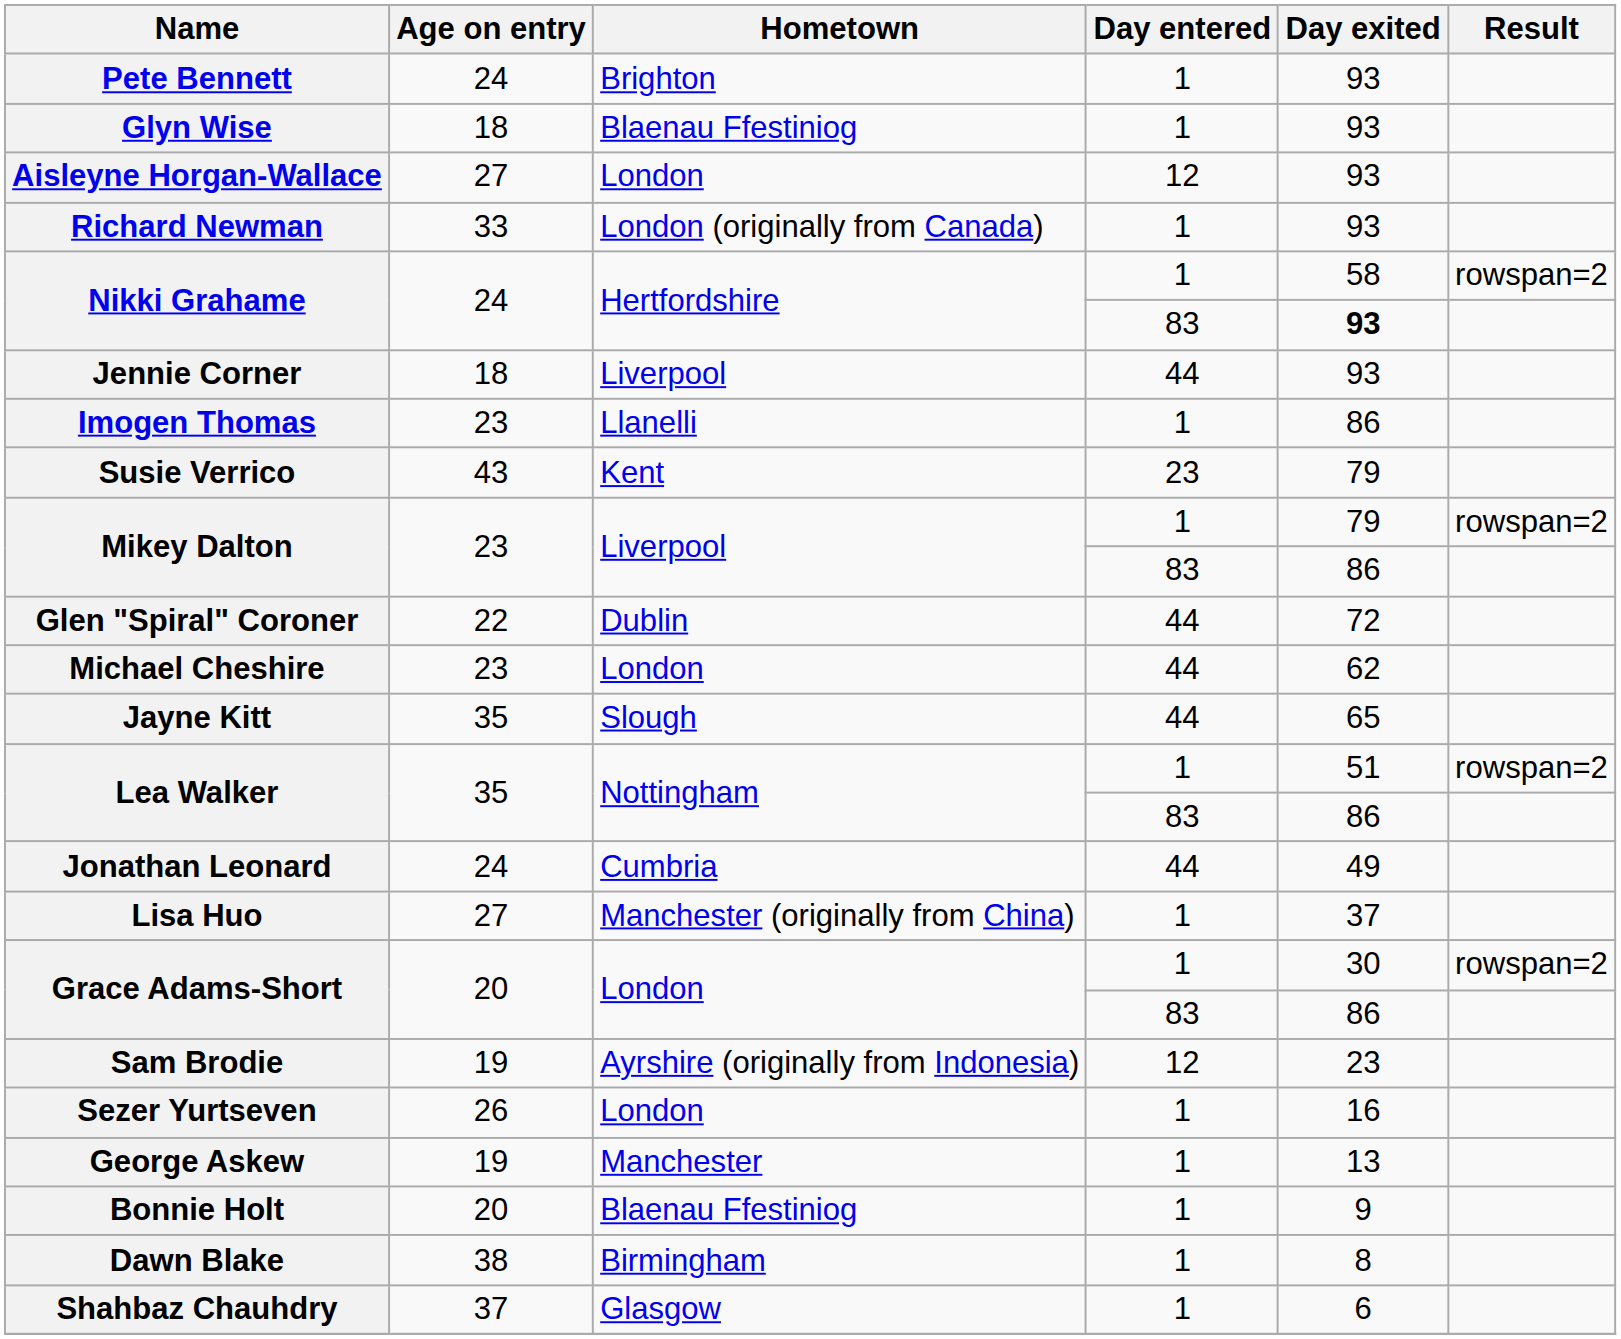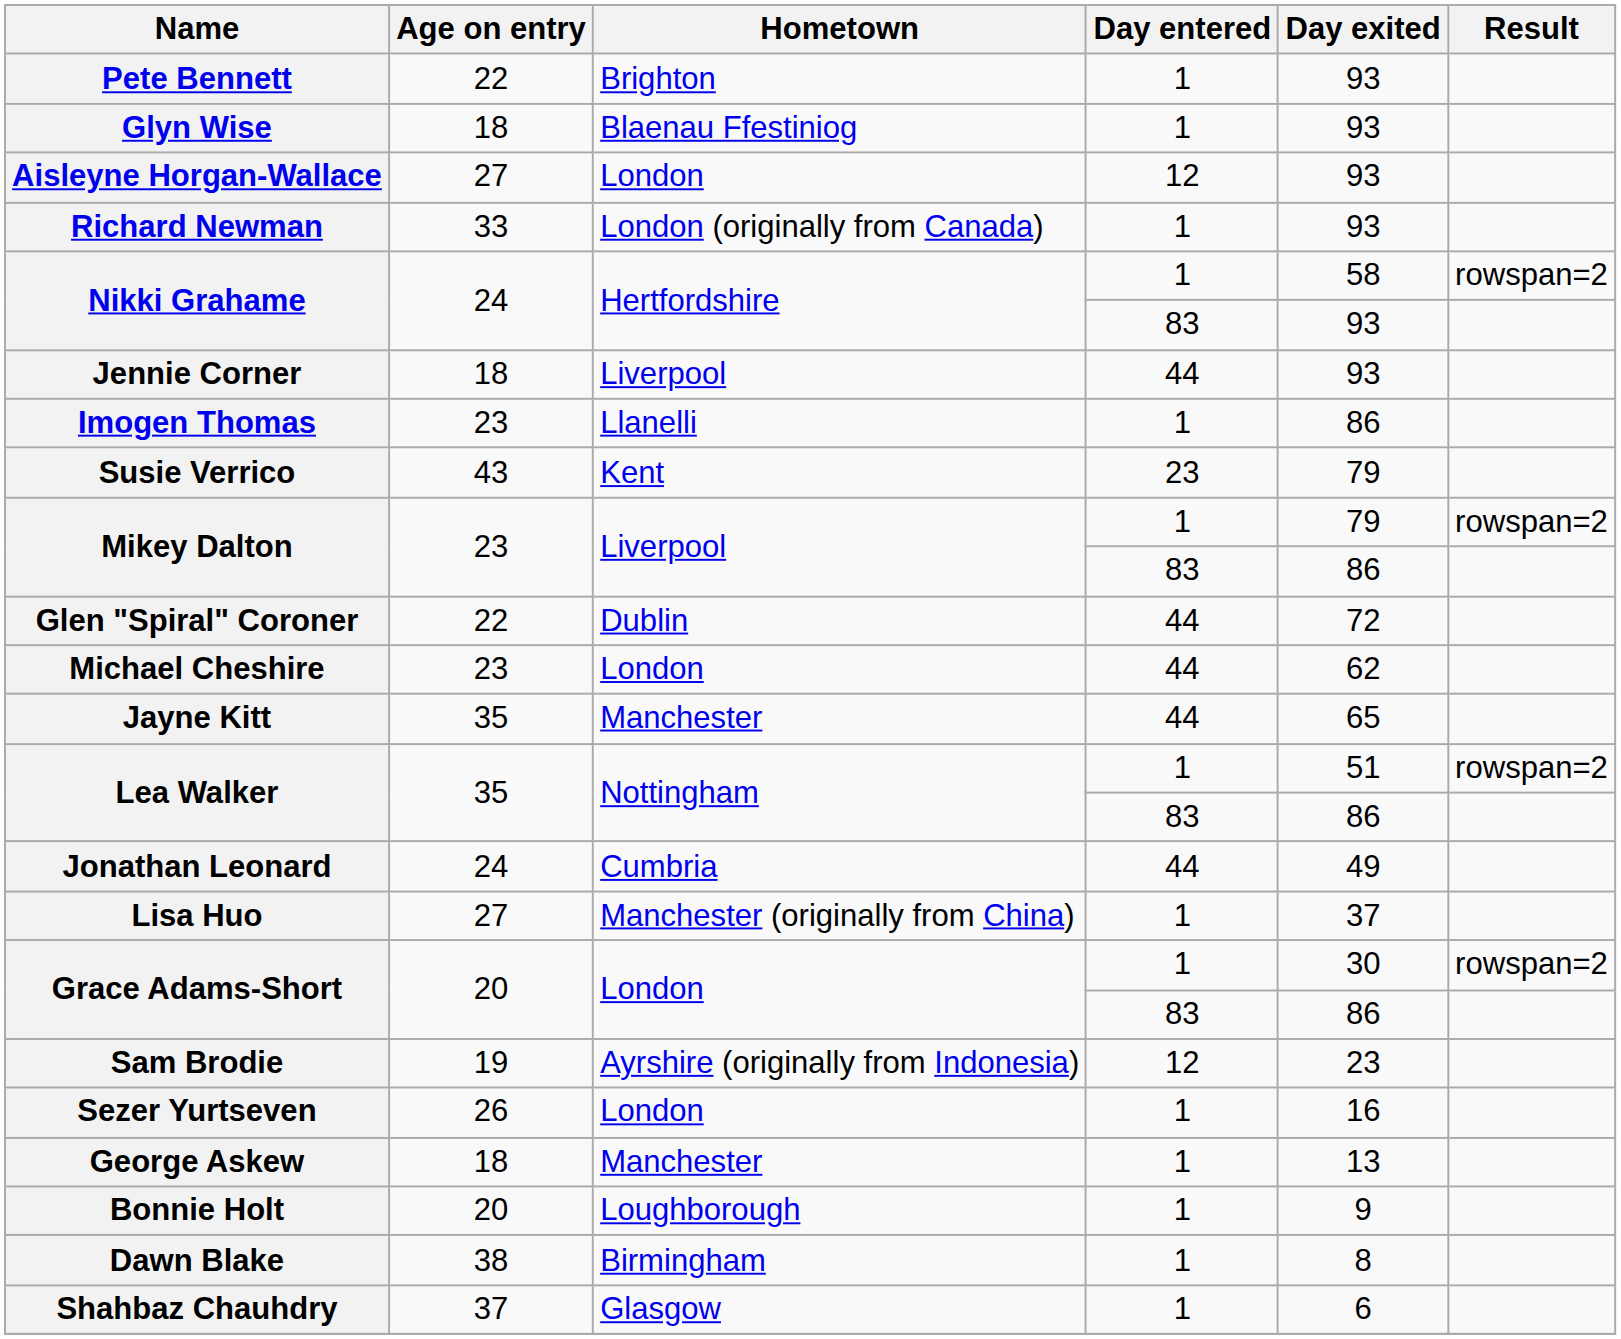 <table class="wikitable sortable" style="text-align:left; line-height:auto; width:auto;">
 <tr>
 <th scope="col">Name</th>
 <th scope="col">Age on entry</th>
 <th scope="col">Hometown</th>
 <th scope="col">Day entered</th>
 <th scope="col">Day exited</th>
 <th scope="col">Result</th>
 </tr>
 <tr>
 <th scope="row" align="left"><a href='#'>Pete Bennett</a></th>
-<td align="center">24</td>
+<td align="center">22</td>
 <td><a href='#'>Brighton</a></td>
 <td align="center">1</td>
 <td align="center">93</td>
 <td></td>
 </tr>
 <tr>
 <th scope="row" align="left"><a href='#'>Glyn Wise</a></th>
 <td align="center">18</td>
 <td><a href='#'>Blaenau Ffestiniog</a></td>
 <td align="center">1</td>
 <td align="center">93</td>
 <td></td>
 </tr>
 <tr>
 <th scope="row" align="left"><a href='#'>Aisleyne Horgan-Wallace</a></th>
 <td align="center">27</td>
 <td><a href='#'>London</a></td>
 <td align="center">12</td>
 <td align="center">93</td>
 <td></td>
 </tr>
 <tr>
 <th scope="row" align="left"><a href='#'>Richard Newman</a></th>
 <td align="center">33</td>
 <td><a href='#'>London</a> (originally from <a href='#'>Canada</a>)</td>
 <td align="center">1</td>
 <td align="center">93</td>
 <td></td>
 </tr>
 <tr>
 <th scope="rowgroup" rowspan=2 align="left"><a href='#'>Nikki Grahame</a></th>
 <td rowspan=2 align="center">24</td>
 <td rowspan=2><a href='#'>Hertfordshire</a></td>
 <td align="center">1</td>
 <td align="center">58</td>
 <td>rowspan=2 </td>
 </tr>
 <tr>
 <td align="center">83</td>
-<td align="center"><strong>93</strong></td>
+<td align="center">93</td>
 </tr>
 <tr>
 <th scope="row" align="left">Jennie Corner</th>
 <td align="center">18</td>
 <td><a href='#'>Liverpool</a></td>
 <td align="center">44</td>
 <td align="center">93</td>
 <td></td>
 </tr>
 <tr>
 <th scope="row" align="left"><a href='#'>Imogen Thomas</a></th>
 <td align="center">23</td>
 <td><a href='#'>Llanelli</a></td>
 <td align="center">1</td>
 <td align="center">86</td>
 <td></td>
 </tr>
 <tr>
 <th scope="row" align="left">Susie Verrico</th>
 <td align="center">43</td>
 <td><a href='#'>Kent</a></td>
 <td align="center">23</td>
 <td align="center">79</td>
 <td></td>
 </tr>
 <tr>
 <th scope="row" rowspan=2 align="left">Mikey Dalton</th>
 <td rowspan=2 align="center">23</td>
 <td rowspan=2><a href='#'>Liverpool</a></td>
 <td align="center">1</td>
 <td align="center">79</td>
 <td>rowspan=2 </td>
 </tr>
 <tr>
 <td align="center">83</td>
 <td align="center">86</td>
 </tr>
 <tr>
 <th scope="row" align="left">Glen "Spiral" Coroner</th>
 <td align="center">22</td>
 <td><a href='#'>Dublin</a></td>
 <td align="center">44</td>
 <td align="center">72</td>
 <td></td>
 </tr>
 <tr>
 <th scope="row" align="left">Michael Cheshire</th>
 <td align="center">23</td>
 <td><a href='#'>London</a></td>
 <td align="center">44</td>
 <td align="center">62</td>
 <td></td>
 </tr>
 <tr>
 <th scope="row" align="left">Jayne Kitt</th>
 <td align="center">35</td>
-<td><a href='#'>Slough</a></td>
+<td><a href='#'>Manchester</a></td>
 <td align="center">44</td>
 <td align="center">65</td>
 <td></td>
 </tr>
 <tr>
 <th scope="rowgroup" rowspan=2 align="left">Lea Walker</th>
 <td rowspan=2 align="center">35</td>
 <td rowspan=2><a href='#'>Nottingham</a></td>
 <td align="center">1</td>
 <td align="center">51</td>
 <td>rowspan=2 </td>
 </tr>
 <tr>
 <td align="center">83</td>
 <td align="center">86</td>
 </tr>
 <tr>
 <th scope="row" align="left">Jonathan Leonard</th>
 <td align="center">24</td>
 <td><a href='#'>Cumbria</a></td>
 <td align="center">44</td>
 <td align="center">49</td>
 <td></td>
 </tr>
 <tr>
 <th scope="row" align="left">Lisa Huo</th>
 <td align="center">27</td>
 <td><a href='#'>Manchester</a> (originally from <a href='#'>China</a>)</td>
 <td align="center">1</td>
 <td align="center">37</td>
 <td></td>
 </tr>
 <tr>
 <th scope="rowgroup" rowspan=2 align="left">Grace Adams-Short</th>
 <td rowspan=2 align="center">20</td>
 <td rowspan=2><a href='#'>London</a></td>
 <td align="center">1</td>
 <td align="center">30</td>
 <td>rowspan=2 </td>
 </tr>
 <tr>
 <td align="center">83</td>
 <td align="center">86</td>
 </tr>
 <tr>
 <th scope="row" align="left">Sam Brodie</th>
 <td align="center">19</td>
 <td><a href='#'>Ayrshire</a> (originally from <a href='#'>Indonesia</a>)</td>
 <td align="center">12</td>
 <td align="center">23</td>
 <td></td>
 </tr>
 <tr>
 <th scope="row" align="left">Sezer Yurtseven</th>
 <td align="center">26</td>
 <td><a href='#'>London</a></td>
 <td align="center">1</td>
 <td align="center">16</td>
 <td></td>
 </tr>
 <tr>
 <th scope="row" align="left">George Askew</th>
-<td align="center">19</td>
+<td align="center">18</td>
 <td><a href='#'>Manchester</a></td>
 <td align="center">1</td>
 <td align="center">13</td>
 <td></td>
 </tr>
 <tr>
 <th scope="row" align="left">Bonnie Holt</th>
 <td align="center">20</td>
-<td><a href='#'>Blaenau Ffestiniog</a></td>
+<td><a href='#'>Loughborough</a></td>
 <td align="center">1</td>
 <td align="center">9</td>
 <td></td>
 </tr>
 <tr>
 <th scope="row" align="left">Dawn Blake</th>
 <td align="center">38</td>
 <td><a href='#'>Birmingham</a></td>
 <td align="center">1</td>
 <td align="center">8</td>
 <td></td>
 </tr>
 <tr>
 <th scope="row" align="left">Shahbaz Chauhdry</th>
 <td align="center">37</td>
 <td><a href='#'>Glasgow</a></td>
 <td align="center">1</td>
 <td align="center">6</td>
 <td></td>
 </tr>
 <tr>
 </tr>
 </table>
